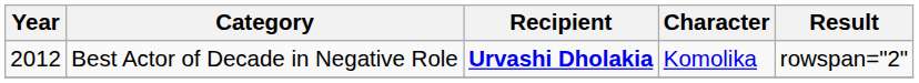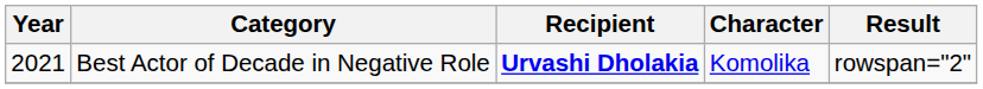 <table class="wikitable sortable">
 <tr>
 <th>Year</th>
 <th>Category</th>
 <th>Recipient</th>
 <th>Character</th>
 <th>Result</th>
 </tr>
 <tr>
-<td>2012</td>
+<td>2021</td>
 <td>Best Actor of Decade in Negative Role</td>
 <td><strong><a href='#'>Urvashi Dholakia</a></strong></td>
 <td><a href='#'>Komolika</a></td>
 <td>rowspan="2" </td>
 </tr>
 <tr>
 </tr>
 </table>
